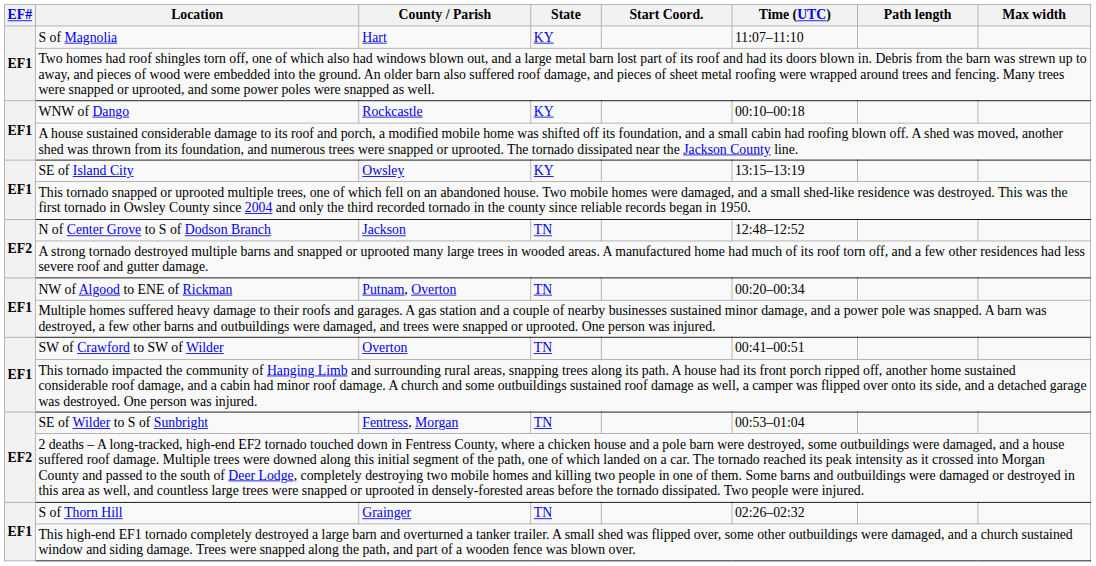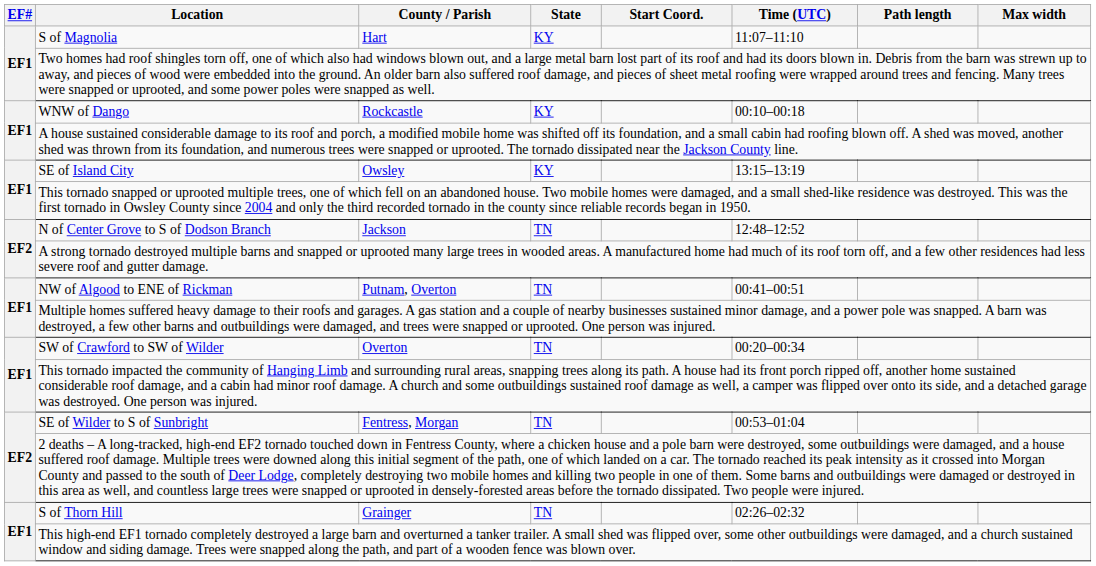 <table class="wikitable sortable" style="width:100%;">
 <tr>
 <th scope="col" width="2%" align="center"><a href='#'>EF#</a></th>
 <th scope="col" align="center" class="unsortable">Location</th>
 <th scope="col" align="center" class="unsortable">County / Parish</th>
 <th scope="col" align="center">State</th>
 <th scope="col" align="center">Start Coord.</th>
 <th scope="col" align="center">Time (<a href='#'>UTC</a>)</th>
 <th scope="col" align="center">Path length</th>
 <th scope="col" align="center">Max width</th>
 </tr>
 <tr>
 <th scope="row" rowspan="2" style="background-color:#">EF1</th>
 <td>S of <a href='#'>Magnolia</a></td>
 <td><a href='#'>Hart</a></td>
 <td><a href='#'>KY</a></td>
 <td></td>
 <td>11:07–11:10</td>
 <td></td>
 <td></td>
 </tr>
 <tr class="expand-child">
 <td colspan="8" style=" border-bottom: 1px solid black;">Two homes had roof shingles torn off, one of which also had windows blown out, and a large metal barn lost part of its roof and had its doors blown in. Debris from the barn was strewn up to  away, and pieces of wood were embedded into the ground. An older barn also suffered roof damage, and pieces of sheet metal roofing were wrapped around trees and fencing. Many trees were snapped or uprooted, and some power poles were snapped as well.</td>
 </tr>
 <tr>
 <th scope="row" rowspan="2" style="background-color:#">EF1</th>
 <td>WNW of <a href='#'>Dango</a></td>
 <td><a href='#'>Rockcastle</a></td>
 <td><a href='#'>KY</a></td>
 <td></td>
 <td>00:10–00:18</td>
 <td></td>
 <td></td>
 </tr>
 <tr class="expand-child">
 <td colspan="8" style=" border-bottom: 1px solid black;">A house sustained considerable damage to its roof and porch, a modified mobile home was shifted off its foundation, and a small cabin had roofing blown off. A shed was moved, another shed was thrown from its foundation, and numerous trees were snapped or uprooted. The tornado dissipated near the <a href='#'>Jackson County</a> line.</td>
 </tr>
 <tr>
 <th scope="row" rowspan="2" style="background-color:#">EF1</th>
 <td>SE of <a href='#'>Island City</a></td>
 <td><a href='#'>Owsley</a></td>
 <td><a href='#'>KY</a></td>
 <td></td>
 <td>13:15–13:19</td>
 <td></td>
 <td></td>
 </tr>
 <tr class="expand-child">
 <td colspan="8" style=" border-bottom: 1px solid black;">This tornado snapped or uprooted multiple trees, one of which fell on an abandoned house. Two mobile homes were damaged, and a small shed-like residence was destroyed. This was the first tornado in Owsley County since <a href='#'>2004</a> and only the third recorded tornado in the county since reliable records began in 1950.</td>
 </tr>
 <tr>
 <th scope="row" rowspan="2" style="background-color:#">EF2</th>
 <td>N of <a href='#'>Center Grove</a> to S of <a href='#'>Dodson Branch</a></td>
 <td><a href='#'>Jackson</a></td>
 <td><a href='#'>TN</a></td>
 <td></td>
 <td>12:48–12:52</td>
 <td></td>
 <td></td>
 </tr>
 <tr class="expand-child">
 <td colspan="8" style=" border-bottom: 1px solid black;">A strong tornado destroyed multiple barns and snapped or uprooted many large trees in wooded areas. A manufactured home had much of its roof torn off, and a few other residences had less severe roof and gutter damage.</td>
 </tr>
 <tr>
 <th scope="row" rowspan="2" style="background-color:#">EF1</th>
 <td>NW of <a href='#'>Algood</a> to ENE of <a href='#'>Rickman</a></td>
 <td><a href='#'>Putnam</a>, <a href='#'>Overton</a></td>
 <td><a href='#'>TN</a></td>
 <td></td>
-<td>00:20–00:34</td>
+<td>00:41–00:51</td>
 <td></td>
 <td></td>
 </tr>
 <tr class="expand-child">
 <td colspan="8" style=" border-bottom: 1px solid black;">Multiple homes suffered heavy damage to their roofs and garages. A gas station and a couple of nearby businesses sustained minor damage, and a power pole was snapped. A barn was destroyed, a few other barns and outbuildings were damaged, and trees were snapped or uprooted. One person was injured.</td>
 </tr>
 <tr>
 <th scope="row" rowspan="2" style="background-color:#">EF1</th>
 <td>SW of <a href='#'>Crawford</a> to SW of <a href='#'>Wilder</a></td>
 <td><a href='#'>Overton</a></td>
 <td><a href='#'>TN</a></td>
 <td></td>
-<td>00:41–00:51</td>
+<td>00:20–00:34</td>
 <td></td>
 <td></td>
 </tr>
 <tr class="expand-child">
 <td colspan="8" style=" border-bottom: 1px solid black;">This tornado impacted the community of <a href='#'>Hanging Limb</a> and surrounding rural areas, snapping trees along its path. A house had its front porch ripped off, another home sustained considerable roof damage, and a cabin had minor roof damage. A church and some outbuildings sustained roof damage as well, a camper was flipped over onto its side, and a detached garage was destroyed. One person was injured.</td>
 </tr>
 <tr>
 <th scope="row" rowspan="2" style="background-color:#">EF2</th>
 <td>SE of <a href='#'>Wilder</a> to S of <a href='#'>Sunbright</a></td>
 <td><a href='#'>Fentress</a>, <a href='#'>Morgan</a></td>
 <td><a href='#'>TN</a></td>
 <td></td>
 <td>00:53–01:04</td>
 <td></td>
 <td></td>
 </tr>
 <tr class="expand-child">
 <td colspan="8" style=" border-bottom: 1px solid black;">2 deaths – A long-tracked, high-end EF2 tornado touched down in Fentress County, where a chicken house and a pole barn were destroyed, some outbuildings were damaged, and a house suffered roof damage. Multiple trees were downed along this initial segment of the path, one of which landed on a car. The tornado reached its peak intensity as it crossed into Morgan County and passed to the south of <a href='#'>Deer Lodge</a>, completely destroying two mobile homes and killing two people in one of them. Some barns and outbuildings were damaged or destroyed in this area as well, and countless large trees were snapped or uprooted in densely-forested areas before the tornado dissipated. Two people were injured.</td>
 </tr>
 <tr>
 <th scope="row" rowspan="2" style="background-color:#">EF1</th>
 <td>S of <a href='#'>Thorn Hill</a></td>
 <td><a href='#'>Grainger</a></td>
 <td><a href='#'>TN</a></td>
 <td></td>
 <td>02:26–02:32</td>
 <td></td>
 <td></td>
 </tr>
 <tr class="expand-child">
 <td colspan="8" style=" border-bottom: 1px solid black;">This high-end EF1 tornado completely destroyed a large barn and overturned a tanker trailer. A small shed was flipped over, some other outbuildings were damaged, and a church sustained window and siding damage. Trees were snapped along the path, and part of a wooden fence was blown over.</td>
 </tr>
 </table>
